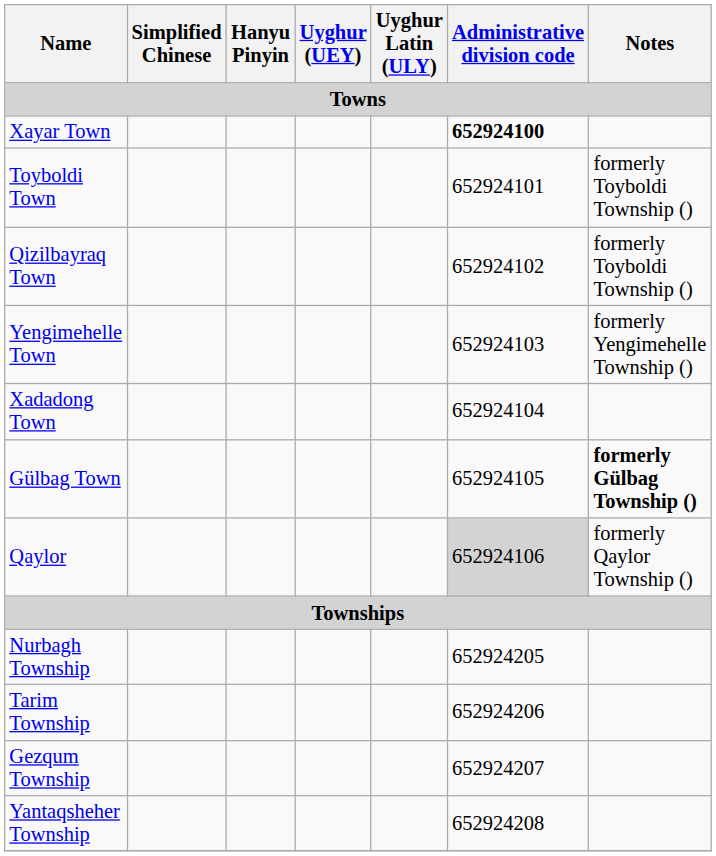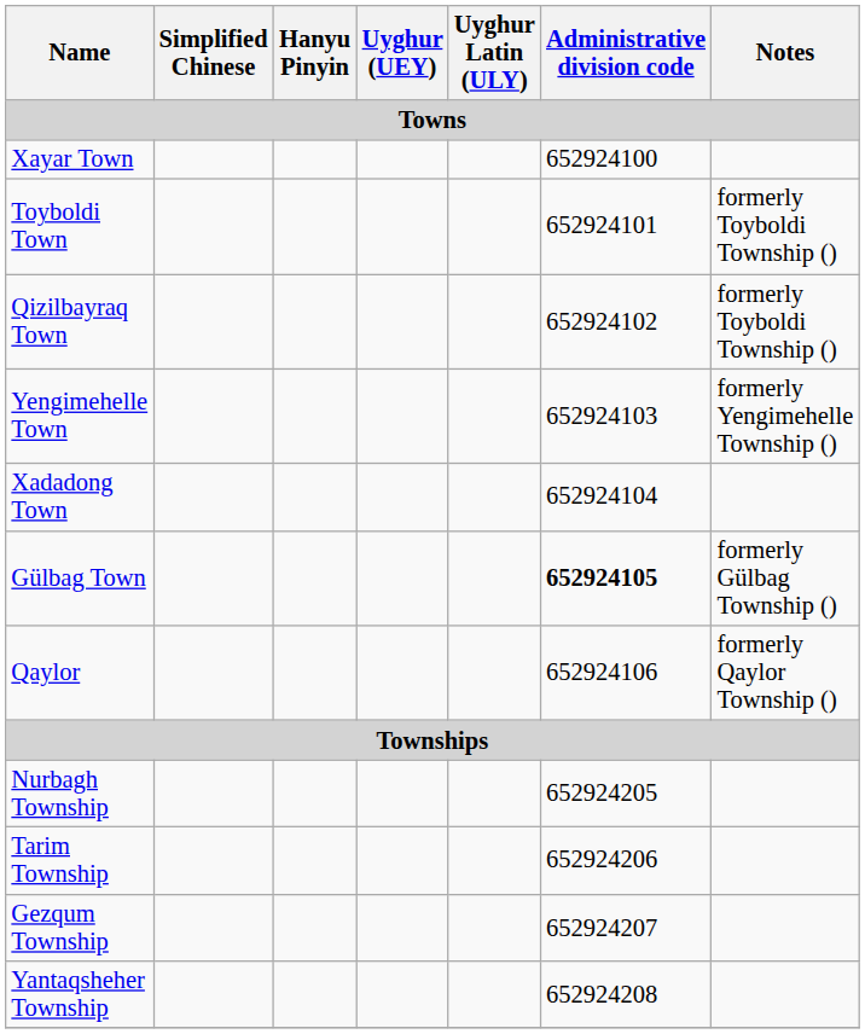 <table class="wikitable" align="center" style="width:50%; border="1">
 <tr>
 <th>Name</th>
 <th>Simplified Chinese</th>
 <th>Hanyu Pinyin</th>
 <th><a href='#'>Uyghur</a> (<a href='#'>UEY</a>)</th>
 <th>Uyghur Latin (<a href='#'>ULY</a>)</th>
 <th><a href='#'>Administrative division code</a></th>
 <th>Notes</th>
 </tr>
 <tr>
 <td colspan="8"  style="text-align:center; background:#d3d3d3;"><strong>Towns</strong></td>
 </tr>
 <tr --------->
 <td><a href='#'>Xayar Town</a></td>
 <td></td>
 <td></td>
 <td></td>
 <td></td>
-<td><strong>652924100</strong></td>
+<td>652924100</td>
 <td></td>
 </tr>
 <tr>
 <td><a href='#'>Toyboldi Town</a></td>
 <td></td>
 <td></td>
 <td></td>
 <td></td>
 <td>652924101</td>
 <td>formerly Toyboldi Township ()</td>
 </tr>
 <tr>
 <td><a href='#'>Qizilbayraq Town</a></td>
 <td></td>
 <td></td>
 <td></td>
 <td></td>
 <td>652924102</td>
 <td>formerly Toyboldi Township ()</td>
 </tr>
 <tr>
 <td><a href='#'>Yengimehelle Town</a></td>
 <td></td>
 <td></td>
 <td></td>
 <td></td>
 <td>652924103</td>
 <td>formerly Yengimehelle Township ()</td>
 </tr>
 <tr>
 <td><a href='#'>Xadadong Town</a></td>
 <td></td>
 <td></td>
 <td></td>
 <td></td>
 <td>652924104</td>
 <td></td>
 </tr>
 <tr>
 <td><a href='#'>Gülbag Town</a></td>
 <td></td>
 <td></td>
 <td></td>
 <td></td>
-<td>652924105</td>
-<td><strong>formerly Gülbag Township ()</strong></td>
+<td><strong>652924105</strong></td>
+<td>formerly Gülbag Township ()</td>
 </tr>
 <tr>
 <td><a href='#'>Qaylor</a></td>
 <td></td>
 <td></td>
 <td></td>
 <td></td>
-<td style="background: lightgrey;">652924106</td>
+<td>652924106</td>
 <td>formerly Qaylor Township ()</td>
 </tr>
 <tr>
 <td colspan="8"  style="text-align:center; background:#d3d3d3;"><strong>Townships</strong></td>
 </tr>
 <tr --------->
 <td><a href='#'>Nurbagh Township</a></td>
 <td></td>
 <td></td>
 <td></td>
 <td></td>
 <td>652924205</td>
 <td></td>
 </tr>
 <tr>
 <td><a href='#'>Tarim Township</a></td>
 <td></td>
 <td></td>
 <td></td>
 <td></td>
 <td>652924206</td>
 <td></td>
 </tr>
 <tr>
 <td><a href='#'>Gezqum Township</a></td>
 <td></td>
 <td></td>
 <td></td>
 <td></td>
 <td>652924207</td>
 <td></td>
 </tr>
 <tr>
 <td><a href='#'>Yantaqsheher Township</a></td>
 <td></td>
 <td></td>
 <td></td>
 <td></td>
 <td>652924208</td>
 <td></td>
 </tr>
 <tr>
 </tr>
 </table>
